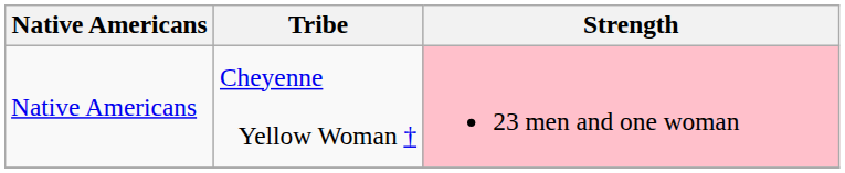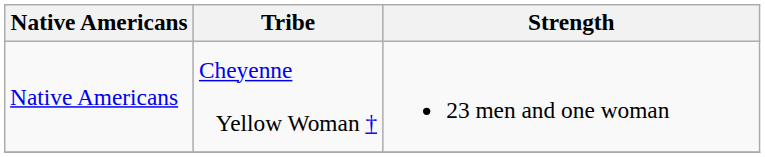 <table class="wikitable">
 <tr>
 <th width=25%>Native Americans</th>
 <th width=25%>Tribe</th>
 <th>Strength</th>
 </tr>
 <tr>
 <td rowspan=1><br><a href='#'>Native Americans</a><br>    </td>
 <td><a href='#'>Cheyenne</a><br><br>   Yellow Woman <a href='#'>†</a></td>
-<td style="background: pink;"><br><ul><li>23 men and one woman</li></ul></td>
+<td><br><ul><li>23 men and one woman</li></ul></td>
 </tr>
 <tr>
 </tr>
 </table>
